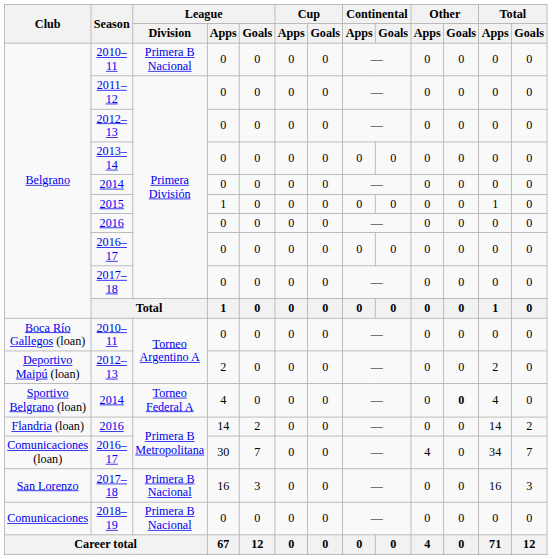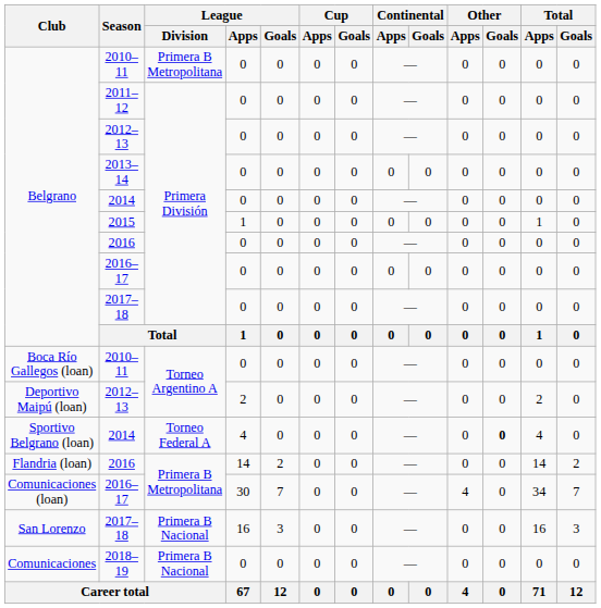 <table class="wikitable" style="text-align:center">
 <tr>
 <th rowspan="2">Club</th>
 <th rowspan="2">Season</th>
 <th colspan="3">League</th>
 <th colspan="2">Cup</th>
 <th colspan="2">Continental</th>
 <th colspan="2">Other</th>
 <th colspan="2">Total</th>
 </tr>
 <tr>
 <th>Division</th>
 <th>Apps</th>
 <th>Goals</th>
 <th>Apps</th>
 <th>Goals</th>
 <th>Apps</th>
 <th>Goals</th>
 <th>Apps</th>
 <th>Goals</th>
 <th>Apps</th>
 <th>Goals</th>
 </tr>
 <tr>
 <td rowspan="10"><a href='#'>Belgrano</a></td>
 <td><a href='#'>2010–11</a></td>
-<td><a href='#'>Primera B Nacional</a></td>
+<td><a href='#'>Primera B Metropolitana</a></td>
 <td>0</td>
 <td>0</td>
 <td>0</td>
 <td>0</td>
 <td colspan="2">—</td>
 <td>0</td>
 <td>0</td>
 <td>0</td>
 <td>0</td>
 </tr>
 <tr>
 <td><a href='#'>2011–12</a></td>
 <td rowspan="8"><a href='#'>Primera División</a></td>
 <td>0</td>
 <td>0</td>
 <td>0</td>
 <td>0</td>
 <td colspan="2">—</td>
 <td>0</td>
 <td>0</td>
 <td>0</td>
 <td>0</td>
 </tr>
 <tr>
 <td><a href='#'>2012–13</a></td>
 <td>0</td>
 <td>0</td>
 <td>0</td>
 <td>0</td>
 <td colspan="2">—</td>
 <td>0</td>
 <td>0</td>
 <td>0</td>
 <td>0</td>
 </tr>
 <tr>
 <td><a href='#'>2013–14</a></td>
 <td>0</td>
 <td>0</td>
 <td>0</td>
 <td>0</td>
 <td>0</td>
 <td>0</td>
 <td>0</td>
 <td>0</td>
 <td>0</td>
 <td>0</td>
 </tr>
 <tr>
 <td><a href='#'>2014</a></td>
 <td>0</td>
 <td>0</td>
 <td>0</td>
 <td>0</td>
 <td colspan="2">—</td>
 <td>0</td>
 <td>0</td>
 <td>0</td>
 <td>0</td>
 </tr>
 <tr>
 <td><a href='#'>2015</a></td>
 <td>1</td>
 <td>0</td>
 <td>0</td>
 <td>0</td>
 <td>0</td>
 <td>0</td>
 <td>0</td>
 <td>0</td>
 <td>1</td>
 <td>0</td>
 </tr>
 <tr>
 <td><a href='#'>2016</a></td>
 <td>0</td>
 <td>0</td>
 <td>0</td>
 <td>0</td>
 <td colspan="2">—</td>
 <td>0</td>
 <td>0</td>
 <td>0</td>
 <td>0</td>
 </tr>
 <tr>
 <td><a href='#'>2016–17</a></td>
 <td>0</td>
 <td>0</td>
 <td>0</td>
 <td>0</td>
 <td>0</td>
 <td>0</td>
 <td>0</td>
 <td>0</td>
 <td>0</td>
 <td>0</td>
 </tr>
 <tr>
 <td><a href='#'>2017–18</a></td>
 <td>0</td>
 <td>0</td>
 <td>0</td>
 <td>0</td>
 <td colspan="2">—</td>
 <td>0</td>
 <td>0</td>
 <td>0</td>
 <td>0</td>
 </tr>
 <tr>
 <th colspan="2">Total</th>
 <th>1</th>
 <th>0</th>
 <th>0</th>
 <th>0</th>
 <th>0</th>
 <th>0</th>
 <th>0</th>
 <th>0</th>
 <th>1</th>
 <th>0</th>
 </tr>
 <tr>
 <td><a href='#'>Boca Río Gallegos</a> (loan)</td>
 <td><a href='#'>2010–11</a></td>
 <td rowspan="2"><a href='#'>Torneo Argentino A</a></td>
 <td>0</td>
 <td>0</td>
 <td>0</td>
 <td>0</td>
 <td colspan="2">—</td>
 <td>0</td>
 <td>0</td>
 <td>0</td>
 <td>0</td>
 </tr>
 <tr>
 <td><a href='#'>Deportivo Maipú</a> (loan)</td>
 <td><a href='#'>2012–13</a></td>
 <td>2</td>
 <td>0</td>
 <td>0</td>
 <td>0</td>
 <td colspan="2">—</td>
 <td>0</td>
 <td>0</td>
 <td>2</td>
 <td>0</td>
 </tr>
 <tr>
 <td><a href='#'>Sportivo Belgrano</a> (loan)</td>
 <td><a href='#'>2014</a></td>
 <td><a href='#'>Torneo Federal A</a></td>
 <td>4</td>
 <td>0</td>
 <td>0</td>
 <td>0</td>
 <td colspan="2">—</td>
 <td>0</td>
 <td><strong>0</strong></td>
 <td>4</td>
 <td>0</td>
 </tr>
 <tr>
 <td><a href='#'>Flandria</a> (loan)</td>
 <td><a href='#'>2016</a></td>
 <td rowspan="2"><a href='#'>Primera B Metropolitana</a></td>
 <td>14</td>
 <td>2</td>
 <td>0</td>
 <td>0</td>
 <td colspan="2">—</td>
 <td>0</td>
 <td>0</td>
 <td>14</td>
 <td>2</td>
 </tr>
 <tr>
 <td><a href='#'>Comunicaciones</a> (loan)</td>
 <td><a href='#'>2016–17</a></td>
 <td>30</td>
 <td>7</td>
 <td>0</td>
 <td>0</td>
 <td colspan="2">—</td>
 <td>4</td>
 <td>0</td>
 <td>34</td>
 <td>7</td>
 </tr>
 <tr>
 <td><a href='#'>San Lorenzo</a></td>
 <td><a href='#'>2017–18</a></td>
 <td><a href='#'>Primera B Nacional</a></td>
 <td>16</td>
 <td>3</td>
 <td>0</td>
 <td>0</td>
 <td colspan="2">—</td>
 <td>0</td>
 <td>0</td>
 <td>16</td>
 <td>3</td>
 </tr>
 <tr>
 <td><a href='#'>Comunicaciones</a></td>
 <td><a href='#'>2018–19</a></td>
 <td><a href='#'>Primera B Nacional</a></td>
 <td>0</td>
 <td>0</td>
 <td>0</td>
 <td>0</td>
 <td colspan="2">—</td>
 <td>0</td>
 <td>0</td>
 <td>0</td>
 <td>0</td>
 </tr>
 <tr>
 <th colspan="3">Career total</th>
 <th>67</th>
 <th>12</th>
 <th>0</th>
 <th>0</th>
 <th>0</th>
 <th>0</th>
 <th>4</th>
 <th>0</th>
 <th>71</th>
 <th>12</th>
 </tr>
 </table>
